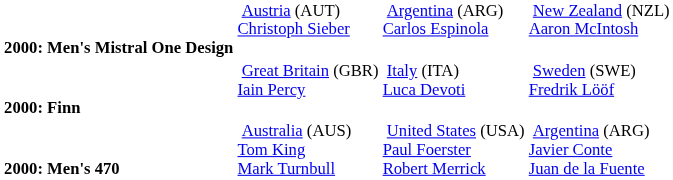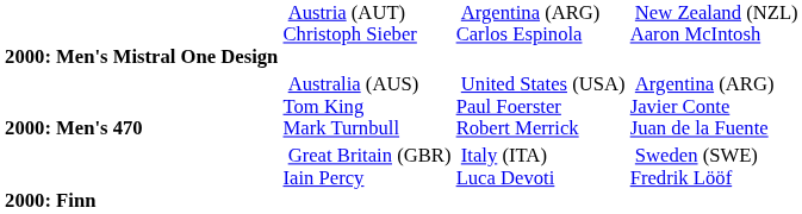 <table>
 <tr>
 <td style="align:center;"><br><br><strong>2000: Men's Mistral One Design</strong> <br></td>
 <td style="vertical-align:top;"> <a href='#'>Austria</a> <span>(AUT)</span><br><a href='#'>Christoph Sieber</a></td>
 <td style="vertical-align:top;"> <a href='#'>Argentina</a> <span>(ARG)</span><br><a href='#'>Carlos Espinola</a></td>
 <td style="vertical-align:top;"> <a href='#'>New Zealand</a> <span>(NZL)</span><br><a href='#'>Aaron McIntosh</a></td>
 </tr>
 <tr>
+<td style="align:center;"><br><br><strong>2000: Men's 470</strong> <br></td>
+<td style="vertical-align:top;"> <a href='#'>Australia</a> <span>(AUS)</span><br><a href='#'>Tom King</a><br><a href='#'>Mark Turnbull</a></td>
+<td style="vertical-align:top;"> <a href='#'>United States</a> <span>(USA)</span><br><a href='#'>Paul Foerster</a><br><a href='#'>Robert Merrick</a></td>
+<td style="vertical-align:top;"> <a href='#'>Argentina</a> <span>(ARG)</span><br><a href='#'>Javier Conte</a><br><a href='#'>Juan de la Fuente</a></td>
+</tr>
+<tr>
 <td style="align:center;"><br><br><strong>2000: Finn</strong> <br></td>
 <td style="vertical-align:top;"> <a href='#'>Great Britain</a> <span>(GBR)</span><br><a href='#'>Iain Percy</a></td>
 <td style="vertical-align:top;"> <a href='#'>Italy</a> <span>(ITA)</span><br><a href='#'>Luca Devoti</a></td>
 <td style="vertical-align:top;"> <a href='#'>Sweden</a> <span>(SWE)</span><br><a href='#'>Fredrik Lööf</a></td>
 </tr>
-<tr>
-<td style="align:center;"><br><br><strong>2000: Men's 470</strong> <br></td>
-<td style="vertical-align:top;"> <a href='#'>Australia</a> <span>(AUS)</span><br><a href='#'>Tom King</a><br><a href='#'>Mark Turnbull</a></td>
-<td style="vertical-align:top;"> <a href='#'>United States</a> <span>(USA)</span><br><a href='#'>Paul Foerster</a><br><a href='#'>Robert Merrick</a></td>
-<td style="vertical-align:top;"> <a href='#'>Argentina</a> <span>(ARG)</span><br><a href='#'>Javier Conte</a><br><a href='#'>Juan de la Fuente</a></td>
-</tr>
 </table>
